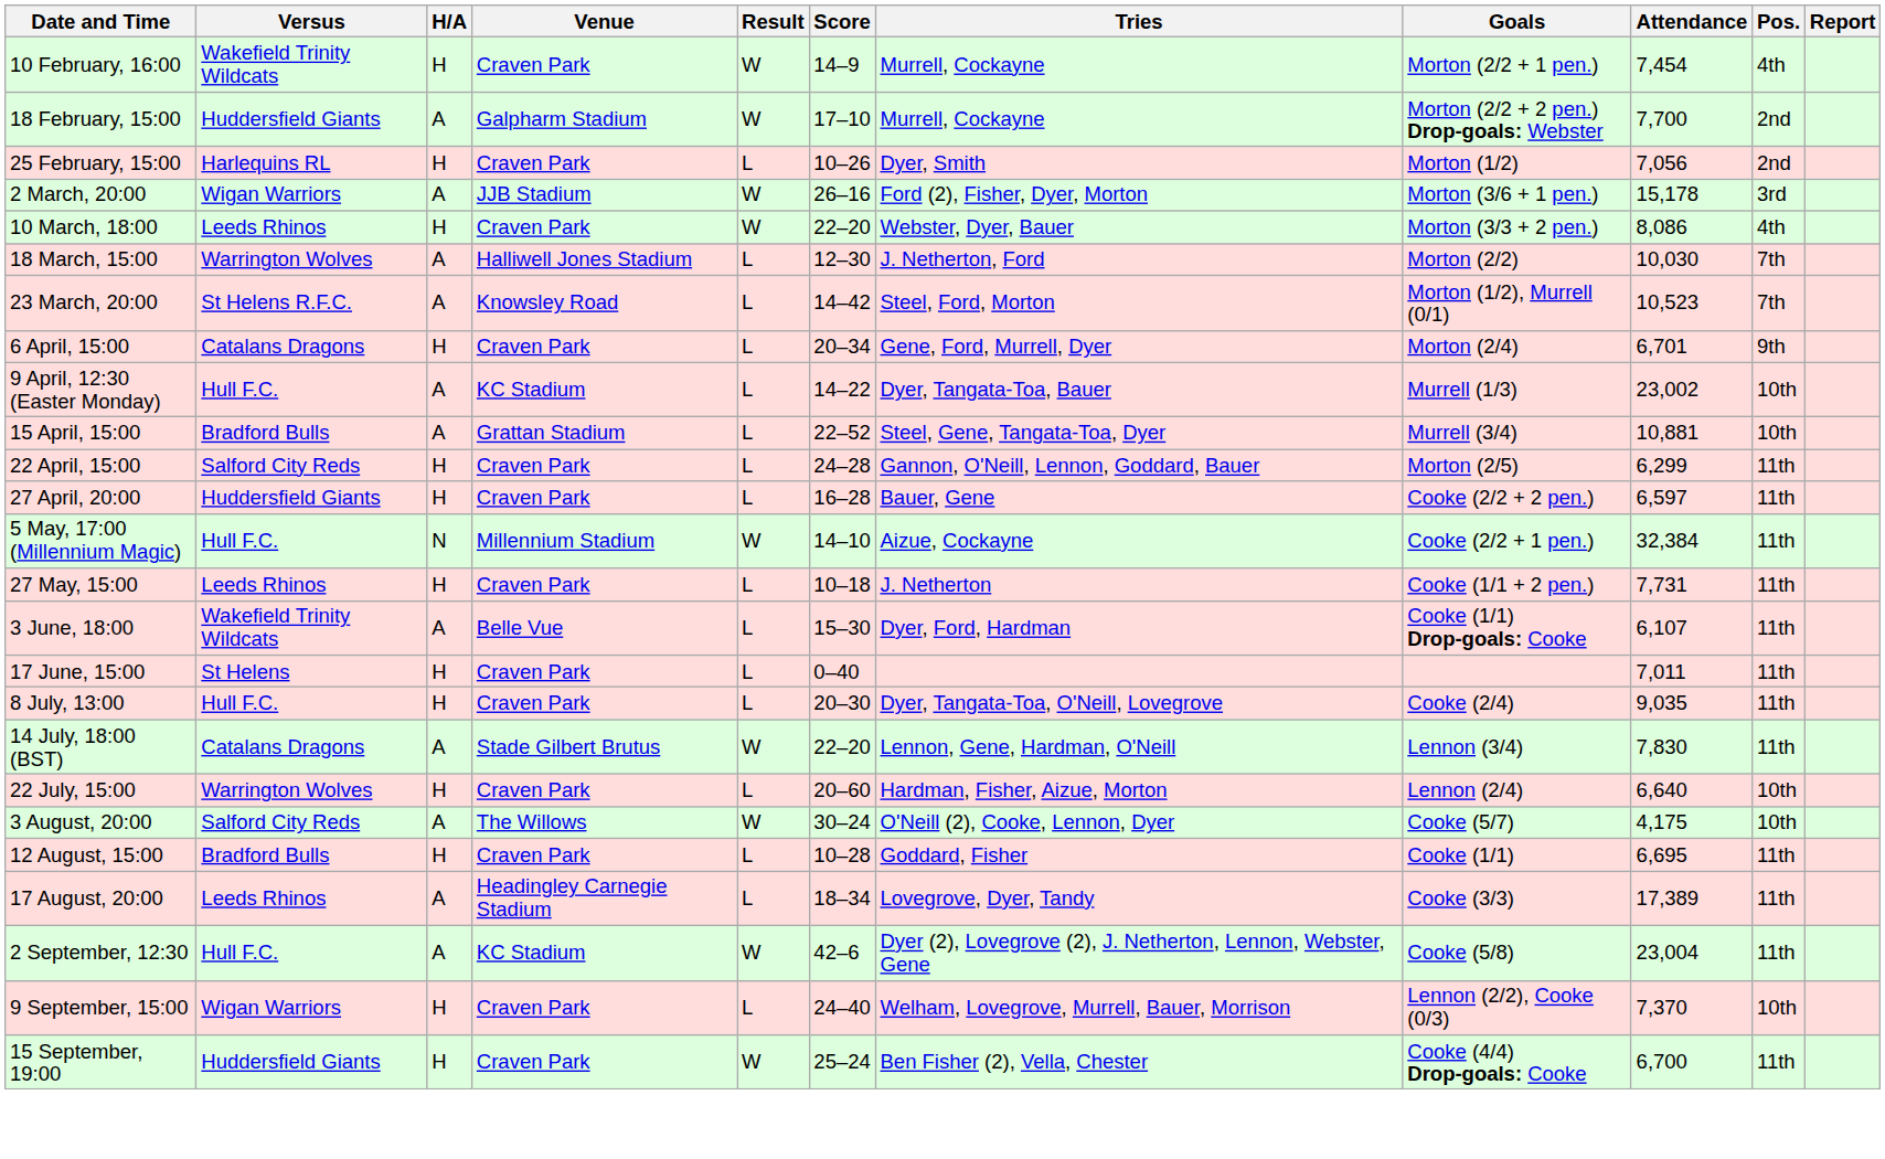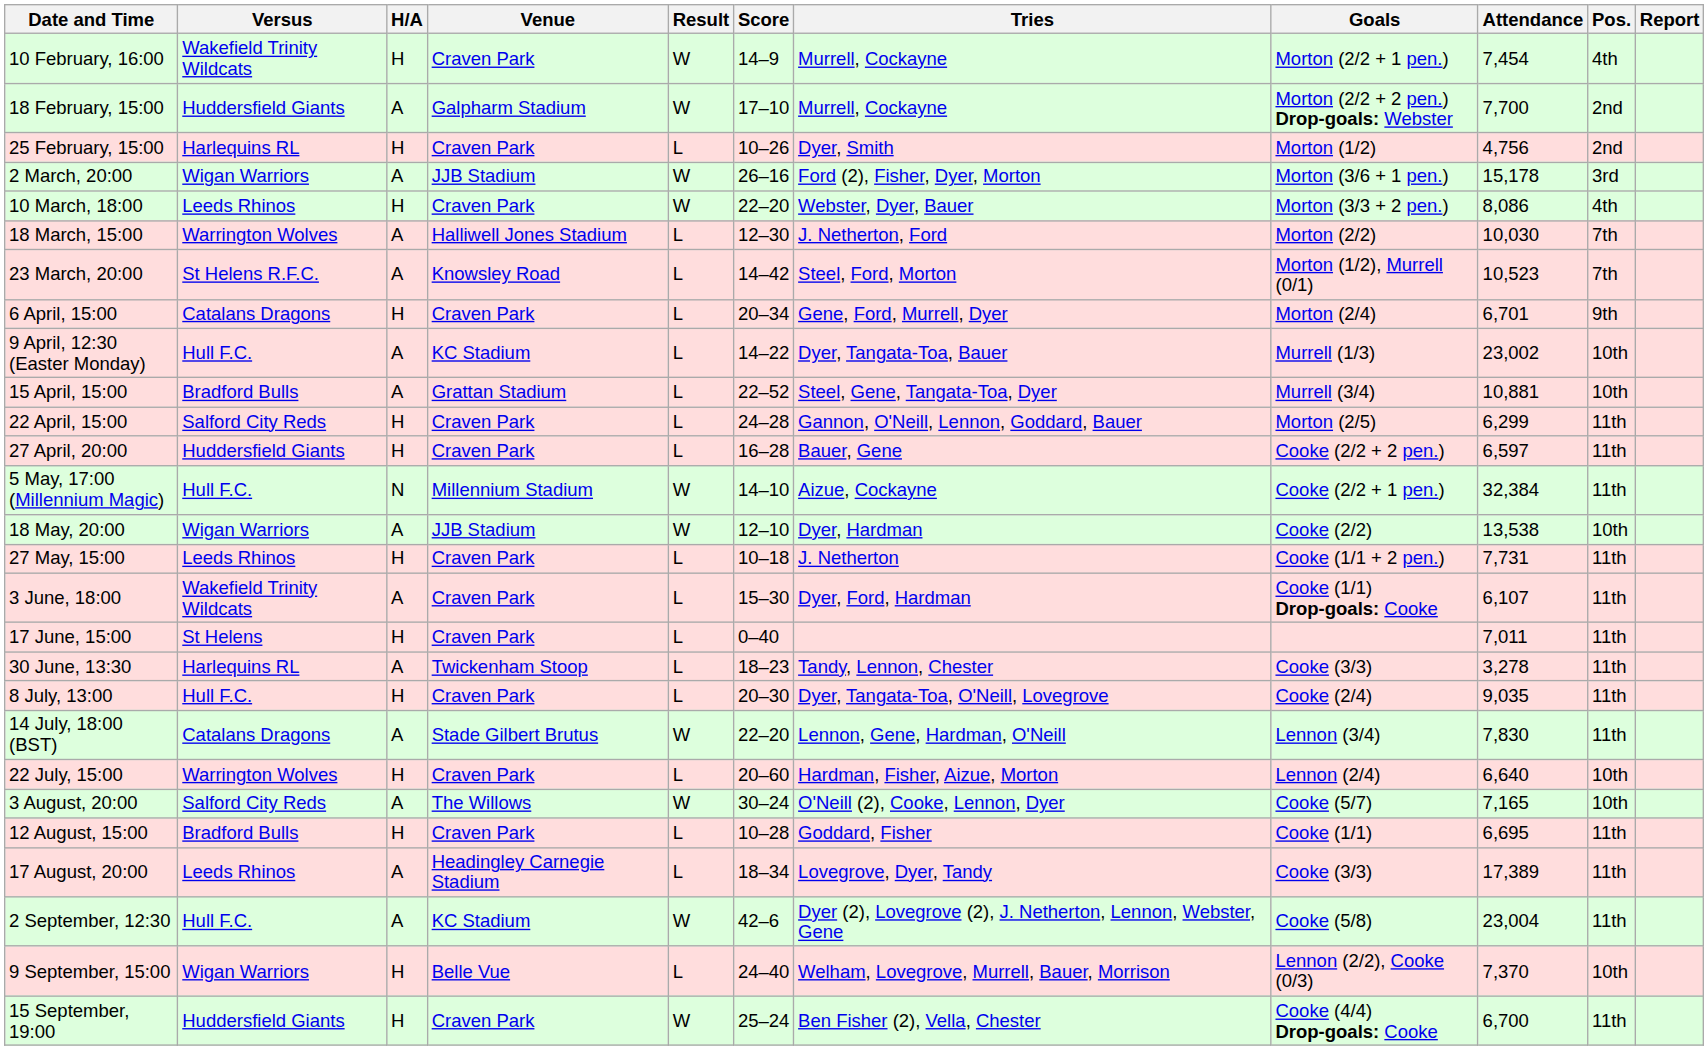 <table class="wikitable" style="font-size:85%;">
 <tr>
 <th>Date and Time</th>
 <th>Versus</th>
 <th>H/A</th>
 <th>Venue</th>
 <th>Result</th>
 <th>Score</th>
 <th>Tries</th>
 <th>Goals</th>
 <th>Attendance</th>
 <th>Pos.</th>
 <th>Report</th>
 </tr>
 <tr style="background:#ddffdd">
 <td>10 February, 16:00</td>
 <td> <a href='#'>Wakefield Trinity Wildcats</a></td>
 <td>H</td>
 <td><a href='#'>Craven Park</a></td>
 <td>W</td>
 <td>14–9</td>
 <td><a href='#'>Murrell</a>, <a href='#'>Cockayne</a></td>
 <td><a href='#'>Morton</a> (2/2 + 1 <a href='#'>pen.</a>)</td>
 <td>7,454</td>
 <td>4th</td>
 <td></td>
 </tr>
 <tr style="background:#ddffdd">
 <td>18 February, 15:00</td>
 <td> <a href='#'>Huddersfield Giants</a></td>
 <td>A</td>
 <td><a href='#'>Galpharm Stadium</a></td>
 <td>W</td>
 <td>17–10</td>
 <td><a href='#'>Murrell</a>, <a href='#'>Cockayne</a></td>
 <td><a href='#'>Morton</a> (2/2 + 2 <a href='#'>pen.</a>)<br><strong>Drop-goals:</strong> <a href='#'>Webster</a></td>
 <td>7,700</td>
 <td>2nd</td>
 <td></td>
 </tr>
 <tr style="background:#ffdddd">
 <td>25 February, 15:00</td>
 <td> <a href='#'>Harlequins RL</a></td>
 <td>H</td>
 <td><a href='#'>Craven Park</a></td>
 <td>L</td>
 <td>10–26</td>
 <td><a href='#'>Dyer</a>, <a href='#'>Smith</a></td>
 <td><a href='#'>Morton</a> (1/2)</td>
-<td>7,056</td>
+<td>4,756</td>
 <td>2nd</td>
 <td></td>
 </tr>
 <tr style="background:#ddffdd">
 <td>2 March, 20:00</td>
 <td> <a href='#'>Wigan Warriors</a></td>
 <td>A</td>
 <td><a href='#'>JJB Stadium</a></td>
 <td>W</td>
 <td>26–16</td>
 <td><a href='#'>Ford</a> (2), <a href='#'>Fisher</a>, <a href='#'>Dyer</a>, <a href='#'>Morton</a></td>
 <td><a href='#'>Morton</a> (3/6 + 1 <a href='#'>pen.</a>)</td>
 <td>15,178</td>
 <td>3rd</td>
 <td></td>
 </tr>
 <tr style="background:#ddffdd">
 <td>10 March, 18:00</td>
 <td> <a href='#'>Leeds Rhinos</a></td>
 <td>H</td>
 <td><a href='#'>Craven Park</a></td>
 <td>W</td>
 <td>22–20</td>
 <td><a href='#'>Webster</a>, <a href='#'>Dyer</a>, <a href='#'>Bauer</a></td>
 <td><a href='#'>Morton</a> (3/3 + 2 <a href='#'>pen.</a>)</td>
 <td>8,086</td>
 <td>4th</td>
 <td></td>
 </tr>
 <tr style="background:#ffdddd">
 <td>18 March, 15:00</td>
 <td> <a href='#'>Warrington Wolves</a></td>
 <td>A</td>
 <td><a href='#'>Halliwell Jones Stadium</a></td>
 <td>L</td>
 <td>12–30</td>
 <td><a href='#'>J. Netherton</a>, <a href='#'>Ford</a></td>
 <td><a href='#'>Morton</a> (2/2)</td>
 <td>10,030</td>
 <td>7th</td>
 <td></td>
 </tr>
 <tr style="background:#ffdddd">
 <td>23 March, 20:00</td>
 <td> <a href='#'>St Helens R.F.C.</a></td>
 <td>A</td>
 <td><a href='#'>Knowsley Road</a></td>
 <td>L</td>
 <td>14–42</td>
 <td><a href='#'>Steel</a>, <a href='#'>Ford</a>, <a href='#'>Morton</a></td>
 <td><a href='#'>Morton</a> (1/2), <a href='#'>Murrell</a> (0/1)</td>
 <td>10,523</td>
 <td>7th</td>
 <td></td>
 </tr>
 <tr style="background:#ffdddd">
 <td>6 April, 15:00</td>
 <td> <a href='#'>Catalans Dragons</a></td>
 <td>H</td>
 <td><a href='#'>Craven Park</a></td>
 <td>L</td>
 <td>20–34</td>
 <td><a href='#'>Gene</a>, <a href='#'>Ford</a>, <a href='#'>Murrell</a>, <a href='#'>Dyer</a></td>
 <td><a href='#'>Morton</a> (2/4)</td>
 <td>6,701</td>
 <td>9th</td>
 <td></td>
 </tr>
 <tr style="background:#ffdddd">
 <td>9 April, 12:30<br>(Easter Monday)</td>
 <td> <a href='#'>Hull F.C.</a></td>
 <td>A</td>
 <td><a href='#'>KC Stadium</a></td>
 <td>L</td>
 <td>14–22</td>
 <td><a href='#'>Dyer</a>, <a href='#'>Tangata-Toa</a>, <a href='#'>Bauer</a></td>
 <td><a href='#'>Murrell</a> (1/3)</td>
 <td>23,002</td>
 <td>10th</td>
 <td></td>
 </tr>
 <tr style="background:#ffdddd">
 <td>15 April, 15:00</td>
 <td> <a href='#'>Bradford Bulls</a></td>
 <td>A</td>
 <td><a href='#'>Grattan Stadium</a></td>
 <td>L</td>
 <td>22–52</td>
 <td><a href='#'>Steel</a>, <a href='#'>Gene</a>, <a href='#'>Tangata-Toa</a>, <a href='#'>Dyer</a></td>
 <td><a href='#'>Murrell</a> (3/4)</td>
 <td>10,881</td>
 <td>10th</td>
 <td></td>
 </tr>
 <tr style="background:#ffdddd">
 <td>22 April, 15:00</td>
 <td> <a href='#'>Salford City Reds</a></td>
 <td>H</td>
 <td><a href='#'>Craven Park</a></td>
 <td>L</td>
 <td>24–28</td>
 <td><a href='#'>Gannon</a>, <a href='#'>O'Neill</a>, <a href='#'>Lennon</a>, <a href='#'>Goddard</a>, <a href='#'>Bauer</a></td>
 <td><a href='#'>Morton</a> (2/5)</td>
 <td>6,299</td>
 <td>11th</td>
 <td></td>
 </tr>
 <tr style="background:#ffdddd">
 <td>27 April, 20:00</td>
 <td> <a href='#'>Huddersfield Giants</a></td>
 <td>H</td>
 <td><a href='#'>Craven Park</a></td>
 <td>L</td>
 <td>16–28</td>
 <td><a href='#'>Bauer</a>, <a href='#'>Gene</a></td>
 <td><a href='#'>Cooke</a> (2/2 + 2 <a href='#'>pen.</a>)</td>
 <td>6,597</td>
 <td>11th</td>
 <td></td>
 </tr>
 <tr style="background:#ddffdd">
 <td>5 May, 17:00<br>(<a href='#'>Millennium Magic</a>)</td>
 <td> <a href='#'>Hull F.C.</a></td>
 <td>N</td>
 <td><a href='#'>Millennium Stadium</a></td>
 <td>W</td>
 <td>14–10</td>
 <td><a href='#'>Aizue</a>, <a href='#'>Cockayne</a></td>
 <td><a href='#'>Cooke</a> (2/2 + 1 <a href='#'>pen.</a>)</td>
 <td>32,384</td>
 <td>11th</td>
 <td></td>
 </tr>
+<tr style="background:#ddffdd">
+<td>18 May, 20:00</td>
+<td> <a href='#'>Wigan Warriors</a></td>
+<td>A</td>
+<td><a href='#'>JJB Stadium</a></td>
+<td>W</td>
+<td>12–10</td>
+<td><a href='#'>Dyer</a>, <a href='#'>Hardman</a></td>
+<td><a href='#'>Cooke</a> (2/2)</td>
+<td>13,538</td>
+<td>10th</td>
+<td></td>
+</tr>
 <tr style="background:#ffdddd">
 <td>27 May, 15:00</td>
 <td> <a href='#'>Leeds Rhinos</a></td>
 <td>H</td>
 <td><a href='#'>Craven Park</a></td>
 <td>L</td>
 <td>10–18</td>
 <td><a href='#'>J. Netherton</a></td>
 <td><a href='#'>Cooke</a> (1/1 + 2 <a href='#'>pen.</a>)</td>
 <td>7,731</td>
 <td>11th</td>
 <td></td>
 </tr>
 <tr style="background:#ffdddd">
 <td>3 June, 18:00</td>
 <td> <a href='#'>Wakefield Trinity Wildcats</a></td>
 <td>A</td>
-<td><a href='#'>Belle Vue</a></td>
+<td><a href='#'>Craven Park</a></td>
 <td>L</td>
 <td>15–30</td>
 <td><a href='#'>Dyer</a>, <a href='#'>Ford</a>, <a href='#'>Hardman</a></td>
 <td><a href='#'>Cooke</a> (1/1)<br><strong>Drop-goals:</strong> <a href='#'>Cooke</a></td>
 <td>6,107</td>
 <td>11th</td>
 <td></td>
 </tr>
 <tr style="background:#ffdddd">
 <td>17 June, 15:00</td>
 <td> <a href='#'>St Helens</a></td>
 <td>H</td>
 <td><a href='#'>Craven Park</a></td>
 <td>L</td>
 <td>0–40</td>
 <td></td>
 <td></td>
 <td>7,011</td>
+<td>11th</td>
+<td></td>
+</tr>
+<tr style="background:#ffdddd">
+<td>30 June, 13:30</td>
+<td> <a href='#'>Harlequins RL</a></td>
+<td>A</td>
+<td><a href='#'>Twickenham Stoop</a></td>
+<td>L</td>
+<td>18–23</td>
+<td><a href='#'>Tandy</a>, <a href='#'>Lennon</a>, <a href='#'>Chester</a></td>
+<td><a href='#'>Cooke</a> (3/3)</td>
+<td>3,278</td>
 <td>11th</td>
 <td></td>
 </tr>
 <tr style="background:#ffdddd">
 <td>8 July, 13:00</td>
 <td> <a href='#'>Hull F.C.</a></td>
 <td>H</td>
 <td><a href='#'>Craven Park</a></td>
 <td>L</td>
 <td>20–30</td>
 <td><a href='#'>Dyer</a>, <a href='#'>Tangata-Toa</a>, <a href='#'>O'Neill</a>, <a href='#'>Lovegrove</a></td>
 <td><a href='#'>Cooke</a> (2/4)</td>
 <td>9,035</td>
 <td>11th</td>
 <td></td>
 </tr>
 <tr style="background:#ddffdd">
 <td>14 July, 18:00 (BST)</td>
 <td> <a href='#'>Catalans Dragons</a></td>
 <td>A</td>
 <td><a href='#'>Stade Gilbert Brutus</a></td>
 <td>W</td>
 <td>22–20</td>
 <td><a href='#'>Lennon</a>, <a href='#'>Gene</a>, <a href='#'>Hardman</a>, <a href='#'>O'Neill</a></td>
 <td><a href='#'>Lennon</a> (3/4)</td>
 <td>7,830</td>
 <td>11th</td>
 <td></td>
 </tr>
 <tr style="background:#ffdddd">
 <td>22 July, 15:00</td>
 <td> <a href='#'>Warrington Wolves</a></td>
 <td>H</td>
 <td><a href='#'>Craven Park</a></td>
 <td>L</td>
 <td>20–60</td>
 <td><a href='#'>Hardman</a>, <a href='#'>Fisher</a>, <a href='#'>Aizue</a>, <a href='#'>Morton</a></td>
 <td><a href='#'>Lennon</a> (2/4)</td>
 <td>6,640</td>
 <td>10th</td>
 <td></td>
 </tr>
 <tr style="background:#ddffdd">
 <td>3 August, 20:00</td>
 <td> <a href='#'>Salford City Reds</a></td>
 <td>A</td>
 <td><a href='#'>The Willows</a></td>
 <td>W</td>
 <td>30–24</td>
 <td><a href='#'>O'Neill</a> (2), <a href='#'>Cooke</a>, <a href='#'>Lennon</a>, <a href='#'>Dyer</a></td>
 <td><a href='#'>Cooke</a> (5/7)</td>
-<td>4,175</td>
+<td>7,165</td>
 <td>10th</td>
 <td></td>
 </tr>
 <tr style="background:#ffdddd">
 <td>12 August, 15:00</td>
 <td> <a href='#'>Bradford Bulls</a></td>
 <td>H</td>
 <td><a href='#'>Craven Park</a></td>
 <td>L</td>
 <td>10–28</td>
 <td><a href='#'>Goddard</a>, <a href='#'>Fisher</a></td>
 <td><a href='#'>Cooke</a> (1/1)</td>
 <td>6,695</td>
 <td>11th</td>
 <td></td>
 </tr>
 <tr style="background:#ffdddd">
 <td>17 August, 20:00</td>
 <td> <a href='#'>Leeds Rhinos</a></td>
 <td>A</td>
 <td><a href='#'>Headingley Carnegie Stadium</a></td>
 <td>L</td>
 <td>18–34</td>
 <td><a href='#'>Lovegrove</a>, <a href='#'>Dyer</a>, <a href='#'>Tandy</a></td>
 <td><a href='#'>Cooke</a> (3/3)</td>
 <td>17,389</td>
 <td>11th</td>
 <td></td>
 </tr>
 <tr style="background:#ddffdd">
 <td>2 September, 12:30</td>
 <td> <a href='#'>Hull F.C.</a></td>
 <td>A</td>
 <td><a href='#'>KC Stadium</a></td>
 <td>W</td>
 <td>42–6</td>
 <td><a href='#'>Dyer</a> (2), <a href='#'>Lovegrove</a> (2), <a href='#'>J. Netherton</a>, <a href='#'>Lennon</a>, <a href='#'>Webster</a>, <a href='#'>Gene</a></td>
 <td><a href='#'>Cooke</a> (5/8)</td>
 <td>23,004</td>
 <td>11th</td>
 <td></td>
 </tr>
 <tr style="background:#ffdddd">
 <td>9 September, 15:00</td>
 <td> <a href='#'>Wigan Warriors</a></td>
 <td>H</td>
-<td><a href='#'>Craven Park</a></td>
+<td><a href='#'>Belle Vue</a></td>
 <td>L</td>
 <td>24–40</td>
 <td><a href='#'>Welham</a>, <a href='#'>Lovegrove</a>, <a href='#'>Murrell</a>, <a href='#'>Bauer</a>, <a href='#'>Morrison</a></td>
 <td><a href='#'>Lennon</a> (2/2), <a href='#'>Cooke</a> (0/3)</td>
 <td>7,370</td>
 <td>10th</td>
 <td></td>
 </tr>
 <tr style="background:#ddffdd">
 <td>15 September, 19:00</td>
 <td> <a href='#'>Huddersfield Giants</a></td>
 <td>H</td>
 <td><a href='#'>Craven Park</a></td>
 <td>W</td>
 <td>25–24</td>
 <td><a href='#'>Ben Fisher</a> (2), <a href='#'>Vella</a>, <a href='#'>Chester</a></td>
 <td><a href='#'>Cooke</a> (4/4)<br><strong>Drop-goals:</strong> <a href='#'>Cooke</a></td>
 <td>6,700</td>
 <td>11th</td>
 <td></td>
 </tr>
 </table>
